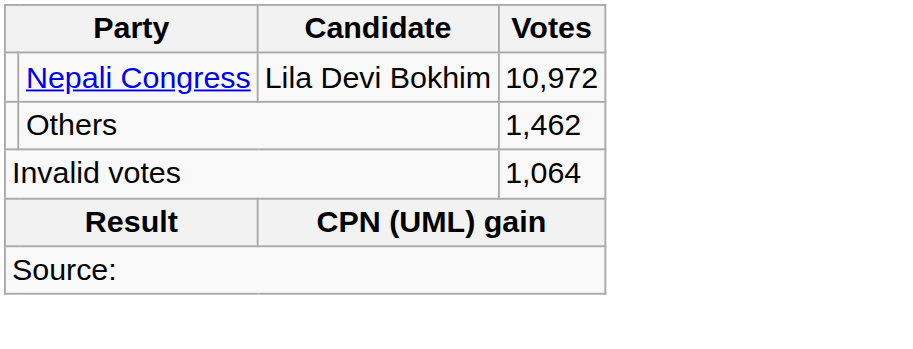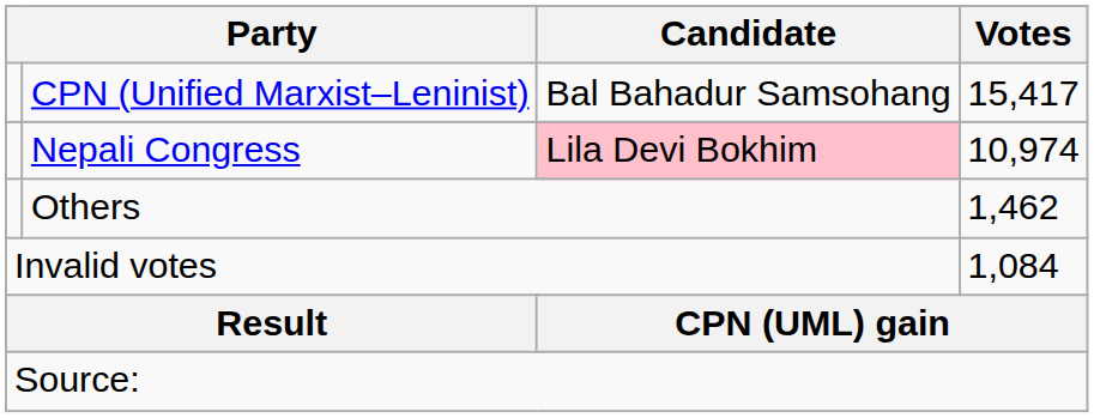 <table class="wikitable">
 <tr>
 <th colspan="2">Party</th>
 <th>Candidate</th>
 <th>Votes</th>
 </tr>
 <tr>
 <td style="background-color:"></td>
+<td><a href='#'>CPN (Unified Marxist–Leninist)</a></td>
+<td>Bal Bahadur Samsohang</td>
+<td>15,417</td>
+</tr>
+<tr>
+<td style="background-color:"></td>
 <td><a href='#'>Nepali Congress</a></td>
-<td>Lila Devi Bokhim</td>
-<td>10,972</td>
+<td style="background: pink;">Lila Devi Bokhim</td>
+<td>10,974</td>
 </tr>
 <tr>
 <td></td>
 <td colspan="2">Others</td>
 <td>1,462</td>
 </tr>
 <tr>
 <td colspan="3">Invalid votes</td>
-<td>1,064</td>
+<td>1,084</td>
 </tr>
 <tr>
 <th colspan="2">Result</th>
 <th colspan="2">CPN (UML) gain</th>
 </tr>
 <tr>
 <td colspan="4">Source: </td>
 </tr>
 </table>
